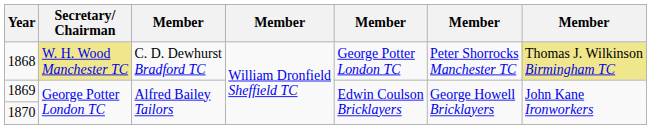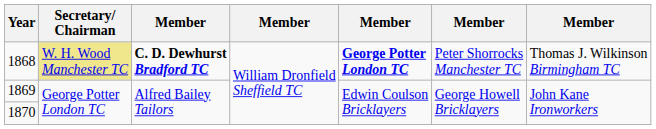 <table class="wikitable">
 <tr>
 <th>Year</th>
 <th>Secretary/<br>Chairman</th>
 <th>Member</th>
 <th>Member</th>
 <th>Member</th>
 <th>Member</th>
 <th>Member</th>
 </tr>
 <tr>
 <td>1868</td>
 <td style="background: khaki;"><a href='#'>W. H. Wood</a><br><em><a href='#'>Manchester TC</a></em></td>
-<td>C. D. Dewhurst<br><em><a href='#'>Bradford TC</a></em></td>
+<td><strong>C. D. Dewhurst<br><em><a href='#'>Bradford TC</a></em></strong></td>
 <td rowspan=3><a href='#'>William Dronfield</a><br><em><a href='#'>Sheffield TC</a></em></td>
-<td><a href='#'>George Potter</a><br><em><a href='#'>London TC</a></em></td>
+<td><strong><a href='#'>George Potter</a><br><em><a href='#'>London TC</a></em></strong></td>
 <td><a href='#'>Peter Shorrocks</a><br><em><a href='#'>Manchester TC</a></em></td>
-<td style="background: khaki;">Thomas J. Wilkinson<br><em><a href='#'>Birmingham TC</a></em></td>
+<td>Thomas J. Wilkinson<br><em><a href='#'>Birmingham TC</a></em></td>
 </tr>
 <tr>
 <td>1869</td>
 <td rowspan=2><a href='#'>George Potter</a><br><em><a href='#'>London TC</a></em></td>
 <td rowspan=2><a href='#'>Alfred Bailey</a><br><em><a href='#'>Tailors</a></em></td>
 <td rowspan=2><a href='#'>Edwin Coulson</a><br><em><a href='#'>Bricklayers</a></em></td>
 <td rowspan=7><a href='#'>George Howell</a><br><em><a href='#'>Bricklayers</a></em></td>
 <td rowspan=2><a href='#'>John Kane</a><br><em><a href='#'>Ironworkers</a></em></td>
 </tr>
 <tr>
 <td>1870</td>
 </tr>
 </table>
